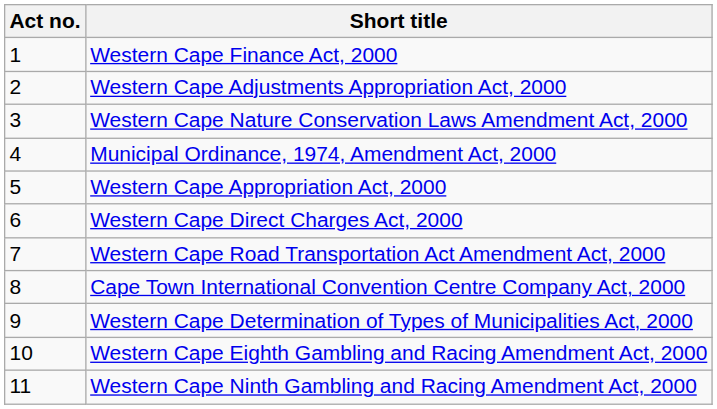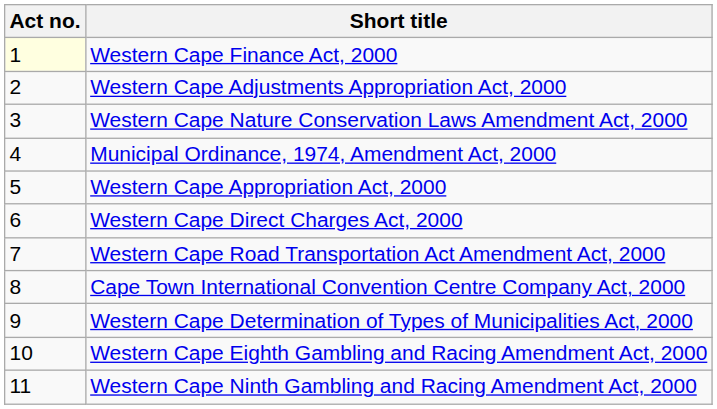 <table class="wikitable">
 <tr>
 <th>Act no.</th>
 <th>Short title</th>
 </tr>
 <tr>
-<td>1</td>
+<td style="background: lightyellow;">1</td>
 <td><a href='#'>Western Cape Finance Act, 2000</a></td>
 </tr>
 <tr>
 <td>2</td>
 <td><a href='#'>Western Cape Adjustments Appropriation Act, 2000</a></td>
 </tr>
 <tr>
 <td>3</td>
 <td><a href='#'>Western Cape Nature Conservation Laws Amendment Act, 2000</a></td>
 </tr>
 <tr>
 <td>4</td>
 <td><a href='#'>Municipal Ordinance, 1974, Amendment Act, 2000</a></td>
 </tr>
 <tr>
 <td>5</td>
 <td><a href='#'>Western Cape Appropriation Act, 2000</a></td>
 </tr>
 <tr>
 <td>6</td>
 <td><a href='#'>Western Cape Direct Charges Act, 2000</a></td>
 </tr>
 <tr>
 <td>7</td>
 <td><a href='#'>Western Cape Road Transportation Act Amendment Act, 2000</a></td>
 </tr>
 <tr>
 <td>8</td>
 <td><a href='#'>Cape Town International Convention Centre Company Act, 2000</a></td>
 </tr>
 <tr>
 <td>9</td>
 <td><a href='#'>Western Cape Determination of Types of Municipalities Act, 2000</a></td>
 </tr>
 <tr>
 <td>10</td>
 <td><a href='#'>Western Cape Eighth Gambling and Racing Amendment Act, 2000</a></td>
 </tr>
 <tr>
 <td>11</td>
 <td><a href='#'>Western Cape Ninth Gambling and Racing Amendment Act, 2000</a></td>
 </tr>
 </table>
